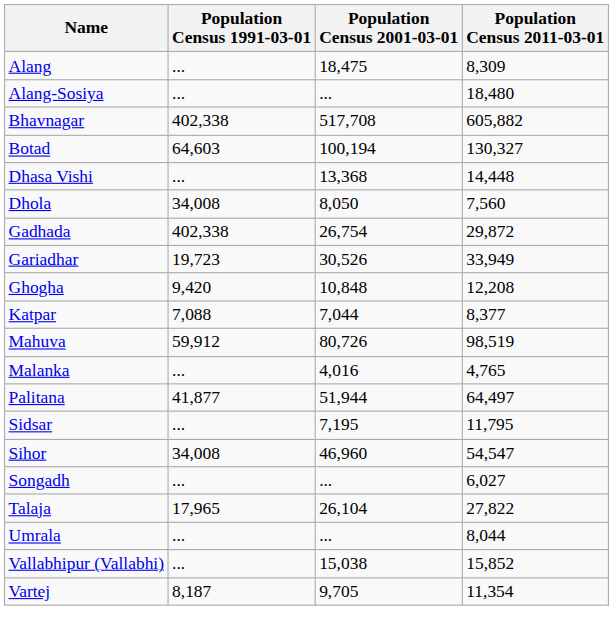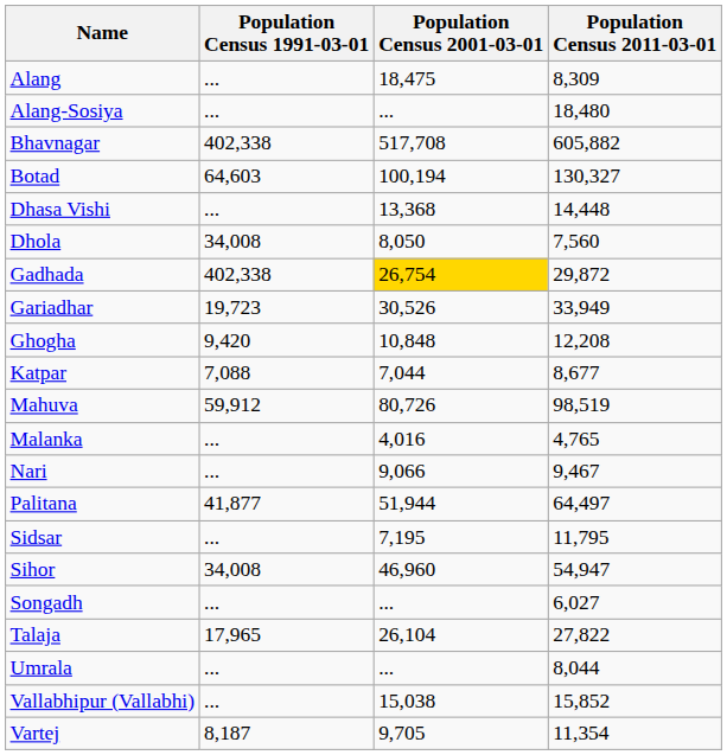 <table class="wikitable">
 <tr>
 <th>Name</th>
 <th>Population<br>Census 1991-03-01</th>
 <th>Population<br>Census 2001-03-01</th>
 <th>Population<br>Census 2011-03-01</th>
 </tr>
 <tr>
 <td><a href='#'>Alang</a></td>
 <td>...</td>
 <td>18,475</td>
 <td>8,309</td>
 </tr>
 <tr>
 <td><a href='#'>Alang-Sosiya</a></td>
 <td>...</td>
 <td>...</td>
 <td>18,480</td>
 </tr>
 <tr>
 <td><a href='#'>Bhavnagar</a></td>
 <td>402,338</td>
 <td>517,708</td>
 <td>605,882</td>
 </tr>
 <tr>
 <td><a href='#'>Botad</a></td>
 <td>64,603</td>
 <td>100,194</td>
 <td>130,327</td>
 </tr>
 <tr>
 <td><a href='#'>Dhasa Vishi</a></td>
 <td>...</td>
 <td>13,368</td>
 <td>14,448</td>
 </tr>
 <tr>
 <td><a href='#'>Dhola</a></td>
 <td>34,008</td>
 <td>8,050</td>
 <td>7,560</td>
 </tr>
 <tr>
 <td><a href='#'>Gadhada</a></td>
 <td>402,338</td>
-<td>26,754</td>
+<td style="background: gold;">26,754</td>
 <td>29,872</td>
 </tr>
 <tr>
 <td><a href='#'>Gariadhar</a></td>
 <td>19,723</td>
 <td>30,526</td>
 <td>33,949</td>
 </tr>
 <tr>
 <td><a href='#'>Ghogha</a></td>
 <td>9,420</td>
 <td>10,848</td>
 <td>12,208</td>
 </tr>
 <tr>
 <td><a href='#'>Katpar</a></td>
 <td>7,088</td>
 <td>7,044</td>
-<td>8,377</td>
+<td>8,677</td>
 </tr>
 <tr>
 <td><a href='#'>Mahuva</a></td>
 <td>59,912</td>
 <td>80,726</td>
 <td>98,519</td>
 </tr>
 <tr>
 <td><a href='#'>Malanka</a></td>
 <td>...</td>
 <td>4,016</td>
 <td>4,765</td>
+</tr>
+<tr>
+<td><a href='#'>Nari</a></td>
+<td>...</td>
+<td>9,066</td>
+<td>9,467</td>
 </tr>
 <tr>
 <td><a href='#'>Palitana</a></td>
 <td>41,877</td>
 <td>51,944</td>
 <td>64,497</td>
 </tr>
 <tr>
 <td><a href='#'>Sidsar</a></td>
 <td>...</td>
 <td>7,195</td>
 <td>11,795</td>
 </tr>
 <tr>
 <td><a href='#'>Sihor</a></td>
 <td>34,008</td>
 <td>46,960</td>
-<td>54,547</td>
+<td>54,947</td>
 </tr>
 <tr>
 <td><a href='#'>Songadh</a></td>
 <td>...</td>
 <td>...</td>
 <td>6,027</td>
 </tr>
 <tr>
 <td><a href='#'>Talaja</a></td>
 <td>17,965</td>
 <td>26,104</td>
 <td>27,822</td>
 </tr>
 <tr>
 <td><a href='#'>Umrala</a></td>
 <td>...</td>
 <td>...</td>
 <td>8,044</td>
 </tr>
 <tr>
 <td><a href='#'>Vallabhipur (Vallabhi)</a></td>
 <td>...</td>
 <td>15,038</td>
 <td>15,852</td>
 </tr>
 <tr>
 <td><a href='#'>Vartej</a></td>
 <td>8,187</td>
 <td>9,705</td>
 <td>11,354</td>
 </tr>
 </table>
